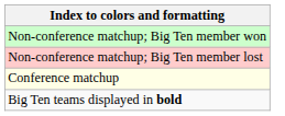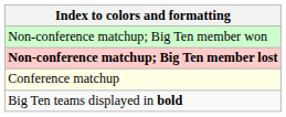 <table class="wikitable">
 <tr>
 <th>Index to colors and formatting</th>
 </tr>
 <tr bgcolor=#ccffcc>
 <td>Non-conference matchup; Big Ten member won</td>
 </tr>
 <tr bgcolor=#ffcccc>
-<td>Non-conference matchup; Big Ten member lost</td>
+<td><strong>Non-conference matchup; Big Ten member lost</strong></td>
 </tr>
 <tr bgcolor=#ffffe6>
 <td>Conference matchup</td>
 </tr>
 <tr>
 <td>Big Ten teams displayed in <strong>bold</strong></td>
 </tr>
 </table>
